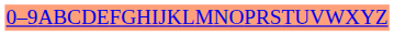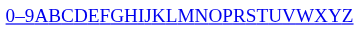 <table id="toc" class="toc" summary="Class">
 <tr>
 <th></th>
 </tr>
 <tr>
-<td style="background: lightsalmon; text-align:center;"><a href='#'>0–9</a><a href='#'>A</a><a href='#'>B</a><a href='#'>C</a><a href='#'>D</a><a href='#'>E</a><a href='#'>F</a><a href='#'>G</a><a href='#'>H</a><a href='#'>I</a><a href='#'>J</a><a href='#'>K</a><a href='#'>L</a><a href='#'>M</a><a href='#'>N</a><a href='#'>O</a><a href='#'>P</a><a href='#'>R</a><a href='#'>S</a><a href='#'>T</a><a href='#'>U</a><a href='#'>V</a><a href='#'>W</a><a href='#'>X</a><a href='#'>Y</a><a href='#'>Z</a></td>
+<td style="text-align:center;"><a href='#'>0–9</a><a href='#'>A</a><a href='#'>B</a><a href='#'>C</a><a href='#'>D</a><a href='#'>E</a><a href='#'>F</a><a href='#'>G</a><a href='#'>H</a><a href='#'>I</a><a href='#'>J</a><a href='#'>K</a><a href='#'>L</a><a href='#'>M</a><a href='#'>N</a><a href='#'>O</a><a href='#'>P</a><a href='#'>R</a><a href='#'>S</a><a href='#'>T</a><a href='#'>U</a><a href='#'>V</a><a href='#'>W</a><a href='#'>X</a><a href='#'>Y</a><a href='#'>Z</a></td>
 </tr>
 </table>
